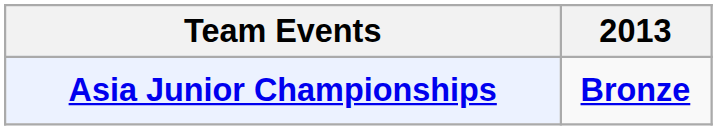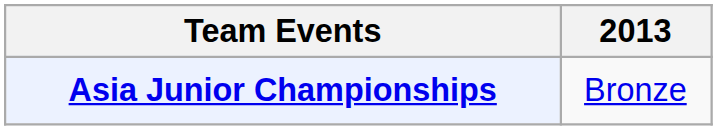 <table style='font-size: 90%; text-align:center;' class='wikitable'>
 <tr>
 <th width=180>Team Events</th>
 <th>2013</th>
 </tr>
 <tr style="height: 30px;">
 <td bgcolor=ECF2FF style="width: 240px;align=left"><strong><a href='#'>Asia Junior Championships</a></strong></td>
-<td style="width: 60px"><strong> <a href='#'>Bronze</a></strong></td>
+<td style="width: 60px"> <a href='#'>Bronze</a></td>
 </tr>
 </table>
